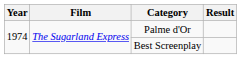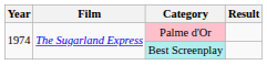 <table class="wikitable">
 <tr>
 <th>Year</th>
 <th>Film</th>
 <th>Category</th>
 <th>Result</th>
 </tr>
 <tr>
 <td style="text-align:center;" rowspan="2">1974</td>
 <td style="text-align:center;" rowspan="2"><em><a href='#'>The Sugarland Express</a></em></td>
-<td style="text-align:center;">Palme d'Or</td>
+<td style="background: pink; text-align:center;">Palme d'Or</td>
 <td></td>
 </tr>
 <tr>
-<td style="text-align:center;">Best Screenplay</td>
+<td style="background: paleturquoise; text-align:center;">Best Screenplay</td>
 <td></td>
 </tr>
 </table>
